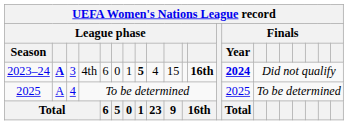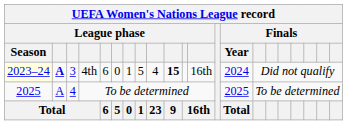 <table class="wikitable" style="text-align:center">
 <tr>
 <th colspan="22"><a href='#'>UEFA Women's Nations League</a> record</th>
 </tr>
 <tr>
 <th colspan="12">League phase</th>
 <th rowspan="5"></th>
 <th colspan="9">Finals</th>
 </tr>
 <tr>
 <th>Season</th>
 <th></th>
 <th></th>
 <th></th>
 <th></th>
 <th></th>
 <th></th>
 <th></th>
 <th></th>
 <th></th>
 <th></th>
 <th></th>
 <th>Year</th>
 <th></th>
 <th></th>
 <th></th>
 <th></th>
 <th></th>
 <th></th>
 <th></th>
 </tr>
 <tr>
-<td><a href='#'>2023–24</a></td>
+<td style="background: lightyellow;"><a href='#'>2023–24</a></td>
 <td><strong><a href='#'>A</a></strong></td>
 <td><a href='#'>3</a></td>
 <td>4th</td>
 <td>6</td>
 <td>0</td>
 <td>1</td>
-<td><strong>5</strong></td>
+<td>5</td>
 <td>4</td>
-<td>15</td>
+<td><strong>15</strong></td>
 <td></td>
-<td><strong>16th</strong></td>
-<td><strong> <a href='#'>2024</a></strong></td>
+<td>16th</td>
+<td> <a href='#'>2024</a></td>
 <td colspan="8"><em>Did not qualify</em></td>
 </tr>
 <tr>
 <td><a href='#'>2025</a></td>
 <td><a href='#'>A</a></td>
 <td><a href='#'>4</a></td>
 <td colspan=9><em>To be determined</em></td>
 <td> <a href='#'>2025</a></td>
 <td colspan=7><em>To be determined</em></td>
 </tr>
 <tr>
 <th colspan="4">Total</th>
 <th>6</th>
 <th>5</th>
 <th>0</th>
 <th>1</th>
 <th>23</th>
 <th>9</th>
 <th colspan=2>16th</th>
 <th>Total</th>
 <th></th>
 <th></th>
 <th></th>
 <th></th>
 <th></th>
 <th></th>
 <th></th>
 </tr>
 </table>
